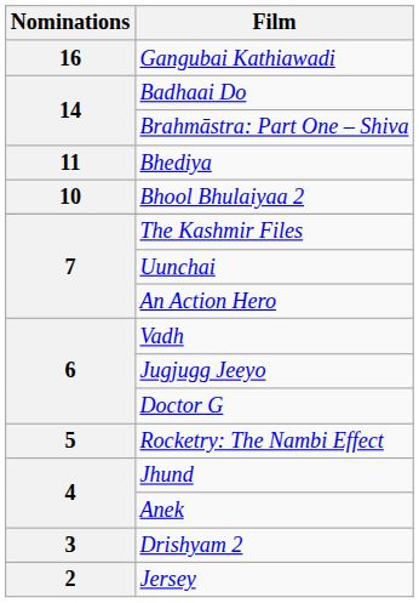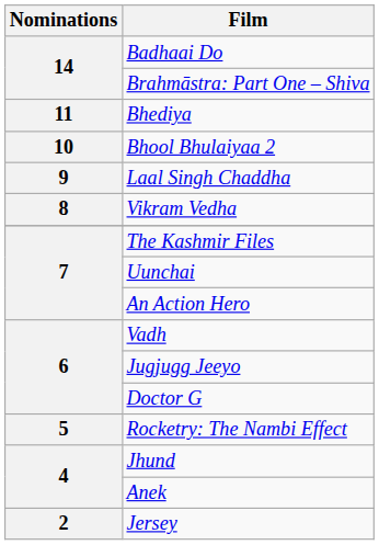 <table class="wikitable" style="display:inline-table;">
 <tr>
 <th>Nominations</th>
 <th>Film</th>
-</tr>
-<tr>
-<th>16</th>
-<td><em><a href='#'>Gangubai Kathiawadi</a></em></td>
 </tr>
 <tr>
 <th rowspan="2">14</th>
 <td><em><a href='#'>Badhaai Do</a></em></td>
 </tr>
 <tr>
 <td><em><a href='#'>Brahmāstra: Part One – Shiva</a></em></td>
 </tr>
 <tr>
 <th>11</th>
 <td><a href='#'><em>Bhediya</em></a></td>
 </tr>
 <tr>
 <th>10</th>
 <td><em><a href='#'>Bhool Bhulaiyaa 2</a></em></td>
+</tr>
+<tr>
+<th>9</th>
+<td><em><a href='#'>Laal Singh Chaddha</a></em></td>
+</tr>
+<tr>
+<th>8</th>
+<td><em><a href='#'>Vikram Vedha</a></em></td>
 </tr>
 <tr>
 </tr>
 <tr>
 <th rowspan="3">7</th>
 <td><em><a href='#'>The Kashmir Files</a></em></td>
 </tr>
 <tr>
 <td><em><a href='#'>Uunchai</a></em></td>
 </tr>
 <tr>
 <td><em><a href='#'>An Action Hero</a></em></td>
 </tr>
 <tr>
 <th rowspan="3">6</th>
 <td><em><a href='#'>Vadh</a></em></td>
 </tr>
 <tr>
 <td><em><a href='#'>Jugjugg Jeeyo</a></em></td>
 </tr>
 <tr>
 <td><em><a href='#'>Doctor G</a></em></td>
 </tr>
 <tr>
 <th>5</th>
 <td><em><a href='#'>Rocketry: The Nambi Effect</a></em></td>
 </tr>
 <tr>
 <th rowspan="2">4</th>
 <td><em><a href='#'>Jhund</a></em></td>
 </tr>
 <tr>
 <td><em><a href='#'>Anek</a></em></td>
 </tr>
 <tr>
-<th>3</th>
-<td><em><a href='#'>Drishyam 2</a></em></td>
-</tr>
-<tr>
 <th>2</th>
 <td><em><a href='#'>Jersey</a></em></td>
 </tr>
 </table>
